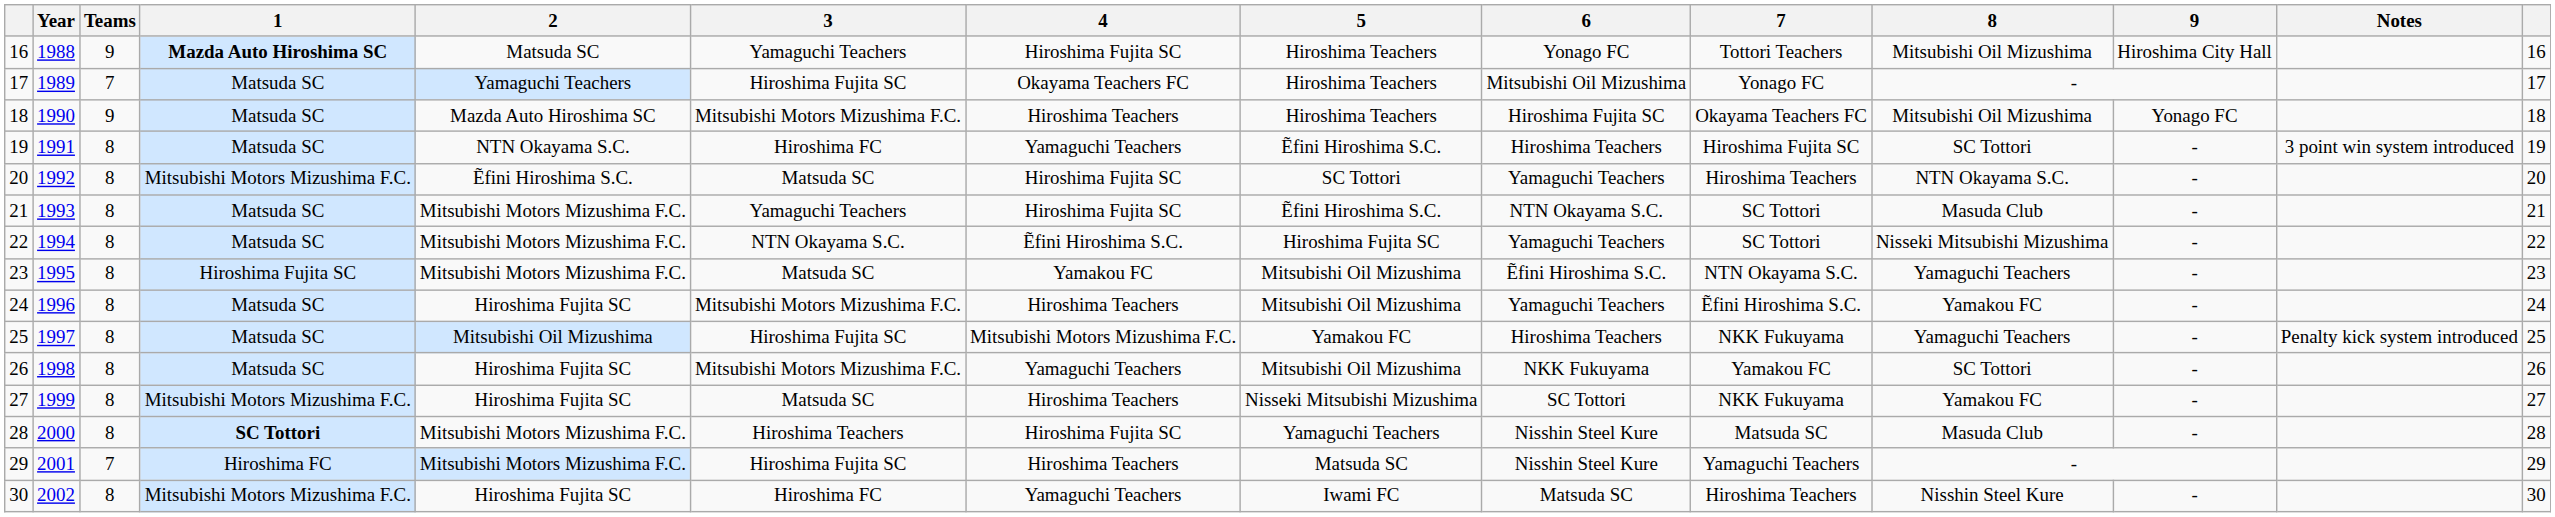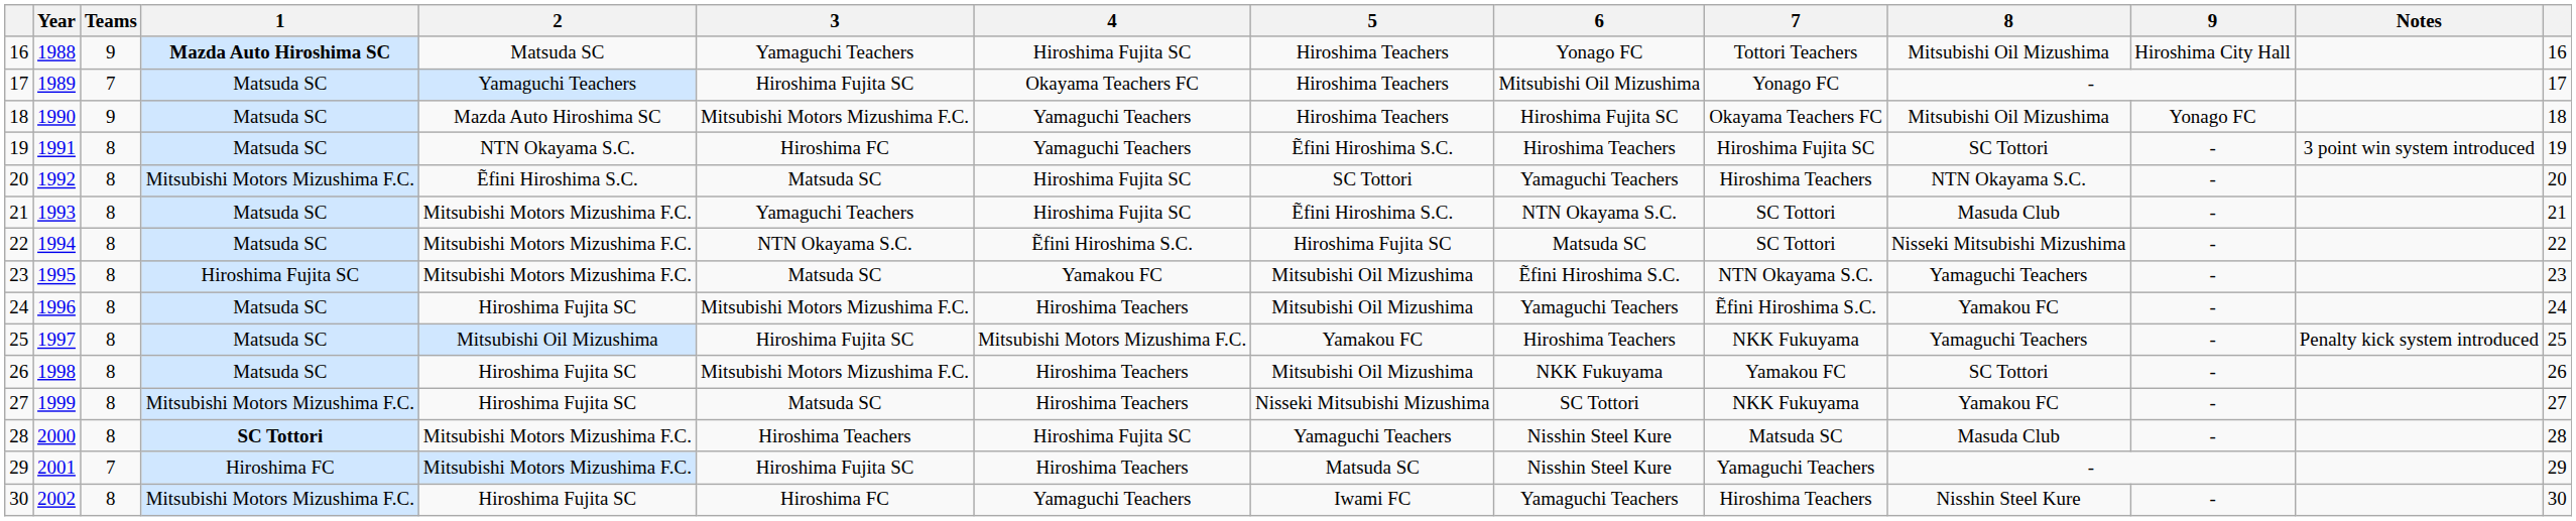 <table class="wikitable" style="text-align:center;font-size:smaller;white-space:nowrap">
 <tr>
 <th></th>
 <th>Year</th>
 <th>Teams</th>
 <th>1</th>
 <th>2</th>
 <th>3</th>
 <th>4</th>
 <th>5</th>
 <th>6</th>
 <th>7</th>
 <th>8</th>
 <th>9</th>
 <th>Notes</th>
 <th></th>
 </tr>
 <tr>
 <td>16</td>
 <td><a href='#'>1988</a></td>
 <td>9</td>
 <td bgcolor="#D0E7FF"><strong>Mazda Auto Hiroshima SC</strong></td>
 <td>Matsuda SC</td>
 <td>Yamaguchi Teachers</td>
 <td>Hiroshima Fujita SC</td>
 <td>Hiroshima Teachers</td>
 <td>Yonago FC</td>
 <td>Tottori Teachers</td>
 <td>Mitsubishi Oil Mizushima</td>
 <td>Hiroshima City Hall</td>
 <td></td>
 <td>16</td>
 </tr>
 <tr>
 <td>17</td>
 <td><a href='#'>1989</a></td>
 <td>7</td>
 <td bgcolor="#D0E7FF">Matsuda SC</td>
 <td bgcolor="#D0E7FF">Yamaguchi Teachers</td>
 <td>Hiroshima Fujita SC</td>
 <td>Okayama Teachers FC</td>
 <td>Hiroshima Teachers</td>
 <td>Mitsubishi Oil Mizushima</td>
 <td>Yonago FC</td>
 <td colspan="2">-</td>
 <td></td>
 <td>17</td>
 </tr>
 <tr>
 <td>18</td>
 <td><a href='#'>1990</a></td>
 <td>9</td>
 <td bgcolor="#D0E7FF">Matsuda SC</td>
 <td>Mazda Auto Hiroshima SC</td>
 <td>Mitsubishi Motors Mizushima F.C.</td>
-<td>Hiroshima Teachers</td>
+<td>Yamaguchi Teachers</td>
 <td>Hiroshima Teachers</td>
 <td>Hiroshima Fujita SC</td>
 <td>Okayama Teachers FC</td>
 <td>Mitsubishi Oil Mizushima</td>
 <td>Yonago FC</td>
 <td></td>
 <td>18</td>
 </tr>
 <tr>
 <td>19</td>
 <td><a href='#'>1991</a></td>
 <td>8</td>
 <td bgcolor="#D0E7FF">Matsuda SC</td>
 <td>NTN Okayama S.C.</td>
 <td>Hiroshima FC</td>
 <td>Yamaguchi Teachers</td>
 <td>Ẽfini Hiroshima S.C.</td>
 <td>Hiroshima Teachers</td>
 <td>Hiroshima Fujita SC</td>
 <td>SC Tottori</td>
 <td>-</td>
 <td>3 point win system introduced</td>
 <td>19</td>
 </tr>
 <tr>
 <td>20</td>
 <td><a href='#'>1992</a></td>
 <td>8</td>
 <td bgcolor="#D0E7FF">Mitsubishi Motors Mizushima F.C.</td>
 <td>Ẽfini Hiroshima S.C.</td>
 <td>Matsuda SC</td>
 <td>Hiroshima Fujita SC</td>
 <td>SC Tottori</td>
 <td>Yamaguchi Teachers</td>
 <td>Hiroshima Teachers</td>
 <td>NTN Okayama S.C.</td>
 <td>-</td>
 <td></td>
 <td>20</td>
 </tr>
 <tr>
 <td>21</td>
 <td><a href='#'>1993</a></td>
 <td>8</td>
 <td bgcolor="#D0E7FF">Matsuda SC</td>
 <td>Mitsubishi Motors Mizushima F.C.</td>
 <td>Yamaguchi Teachers</td>
 <td>Hiroshima Fujita SC</td>
 <td>Ẽfini Hiroshima S.C.</td>
 <td>NTN Okayama S.C.</td>
 <td>SC Tottori</td>
 <td>Masuda Club</td>
 <td>-</td>
 <td></td>
 <td>21</td>
 </tr>
 <tr>
 <td>22</td>
 <td><a href='#'>1994</a></td>
 <td>8</td>
 <td bgcolor="#D0E7FF">Matsuda SC</td>
 <td>Mitsubishi Motors Mizushima F.C.</td>
 <td>NTN Okayama S.C.</td>
 <td>Ẽfini Hiroshima S.C.</td>
 <td>Hiroshima Fujita SC</td>
-<td>Yamaguchi Teachers</td>
+<td>Matsuda SC</td>
 <td>SC Tottori</td>
 <td>Nisseki Mitsubishi Mizushima</td>
 <td>-</td>
 <td></td>
 <td>22</td>
 </tr>
 <tr>
 <td>23</td>
 <td><a href='#'>1995</a></td>
 <td>8</td>
 <td bgcolor="#D0E7FF">Hiroshima Fujita SC</td>
 <td>Mitsubishi Motors Mizushima F.C.</td>
 <td>Matsuda SC</td>
 <td>Yamakou FC</td>
 <td>Mitsubishi Oil Mizushima</td>
 <td>Ẽfini Hiroshima S.C.</td>
 <td>NTN Okayama S.C.</td>
 <td>Yamaguchi Teachers</td>
 <td>-</td>
 <td></td>
 <td>23</td>
 </tr>
 <tr>
 <td>24</td>
 <td><a href='#'>1996</a></td>
 <td>8</td>
 <td bgcolor="#D0E7FF">Matsuda SC</td>
 <td>Hiroshima Fujita SC</td>
 <td>Mitsubishi Motors Mizushima F.C.</td>
 <td>Hiroshima Teachers</td>
 <td>Mitsubishi Oil Mizushima</td>
 <td>Yamaguchi Teachers</td>
 <td>Ẽfini Hiroshima S.C.</td>
 <td>Yamakou FC</td>
 <td>-</td>
 <td></td>
 <td>24</td>
 </tr>
 <tr>
 <td>25</td>
 <td><a href='#'>1997</a></td>
 <td>8</td>
 <td bgcolor="#D0E7FF">Matsuda SC</td>
 <td bgcolor="#D0E7FF">Mitsubishi Oil Mizushima</td>
 <td>Hiroshima Fujita SC</td>
 <td>Mitsubishi Motors Mizushima F.C.</td>
 <td>Yamakou FC</td>
 <td>Hiroshima Teachers</td>
 <td>NKK Fukuyama</td>
 <td>Yamaguchi Teachers</td>
 <td>-</td>
 <td>Penalty kick system introduced</td>
 <td>25</td>
 </tr>
 <tr>
 <td>26</td>
 <td><a href='#'>1998</a></td>
 <td>8</td>
 <td bgcolor="#D0E7FF">Matsuda SC</td>
 <td>Hiroshima Fujita SC</td>
 <td>Mitsubishi Motors Mizushima F.C.</td>
-<td>Yamaguchi Teachers</td>
+<td>Hiroshima Teachers</td>
 <td>Mitsubishi Oil Mizushima</td>
 <td>NKK Fukuyama</td>
 <td>Yamakou FC</td>
 <td>SC Tottori</td>
 <td>-</td>
 <td></td>
 <td>26</td>
 </tr>
 <tr>
 <td>27</td>
 <td><a href='#'>1999</a></td>
 <td>8</td>
 <td bgcolor="#D0E7FF">Mitsubishi Motors Mizushima F.C.</td>
 <td>Hiroshima Fujita SC</td>
 <td>Matsuda SC</td>
 <td>Hiroshima Teachers</td>
 <td>Nisseki Mitsubishi Mizushima</td>
 <td>SC Tottori</td>
 <td>NKK Fukuyama</td>
 <td>Yamakou FC</td>
 <td>-</td>
 <td></td>
 <td>27</td>
 </tr>
 <tr>
 <td>28</td>
 <td><a href='#'>2000</a></td>
 <td>8</td>
 <td bgcolor="#D0E7FF"><strong>SC Tottori</strong></td>
 <td>Mitsubishi Motors Mizushima F.C.</td>
 <td>Hiroshima Teachers</td>
 <td>Hiroshima Fujita SC</td>
 <td>Yamaguchi Teachers</td>
 <td>Nisshin Steel Kure</td>
 <td>Matsuda SC</td>
 <td>Masuda Club</td>
 <td>-</td>
 <td></td>
 <td>28</td>
 </tr>
 <tr>
 <td>29</td>
 <td><a href='#'>2001</a></td>
 <td>7</td>
 <td bgcolor="#D0E7FF">Hiroshima FC</td>
 <td bgcolor="#D0E7FF">Mitsubishi Motors Mizushima F.C.</td>
 <td>Hiroshima Fujita SC</td>
 <td>Hiroshima Teachers</td>
 <td>Matsuda SC</td>
 <td>Nisshin Steel Kure</td>
 <td>Yamaguchi Teachers</td>
 <td colspan="2">-</td>
 <td></td>
 <td>29</td>
 </tr>
 <tr>
 <td>30</td>
 <td><a href='#'>2002</a></td>
 <td>8</td>
 <td bgcolor="#D0E7FF">Mitsubishi Motors Mizushima F.C.</td>
 <td>Hiroshima Fujita SC</td>
 <td>Hiroshima FC</td>
 <td>Yamaguchi Teachers</td>
 <td>Iwami FC</td>
-<td>Matsuda SC</td>
+<td>Yamaguchi Teachers</td>
 <td>Hiroshima Teachers</td>
 <td>Nisshin Steel Kure</td>
 <td>-</td>
 <td></td>
 <td>30</td>
 </tr>
 </table>
